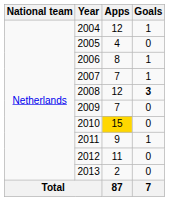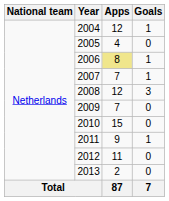 <table class="wikitable" style="text-align:center">
 <tr>
 <th>National team</th>
 <th>Year</th>
 <th>Apps</th>
 <th>Goals</th>
 </tr>
 <tr>
 <td rowspan="10"><a href='#'>Netherlands</a></td>
 <td>2004</td>
 <td>12</td>
 <td>1</td>
 </tr>
 <tr>
 <td>2005</td>
 <td>4</td>
 <td>0</td>
 </tr>
 <tr>
 <td>2006</td>
-<td>8</td>
+<td style="background: khaki;">8</td>
 <td>1</td>
 </tr>
 <tr>
 <td>2007</td>
 <td>7</td>
 <td>1</td>
 </tr>
 <tr>
 <td>2008</td>
 <td>12</td>
-<td><strong>3</strong></td>
+<td>3</td>
 </tr>
 <tr>
 <td>2009</td>
 <td>7</td>
 <td>0</td>
 </tr>
 <tr>
 <td>2010</td>
-<td style="background: gold;">15</td>
+<td>15</td>
 <td>0</td>
 </tr>
 <tr>
 <td>2011</td>
 <td>9</td>
 <td>1</td>
 </tr>
 <tr>
 <td>2012</td>
 <td>11</td>
 <td>0</td>
 </tr>
 <tr>
 <td>2013</td>
 <td>2</td>
 <td>0</td>
 </tr>
 <tr>
 <th colspan="2">Total</th>
 <th>87</th>
 <th>7</th>
 </tr>
 </table>
